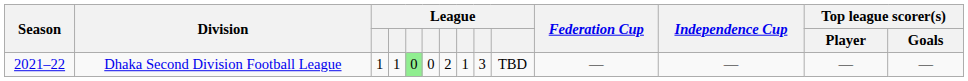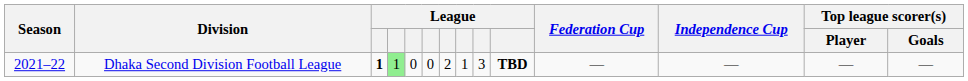 <table class="wikitable sortable" style="text-align: center; font-size: 95%; width: 1000px"">
 <tr>
 <th rowspan="2">Season</th>
 <th rowspan="2"><strong>Division</strong></th>
 <th colspan="8">League</th>
 <th rowspan="2"><em><a href='#'>Federation Cup</a></em></th>
 <th rowspan="2"><em><a href='#'>Independence Cup</a></th>
 <th colspan="2">Top league scorer(s)</th>
 </tr>
 <tr>
 <th></th>
 <th></th>
 <th></th>
 <th></th>
 <th></th>
 <th></th>
 <th></th>
 <th></th>
 <th>Player</th>
 <th>Goals</th>
 </tr>
 <tr>
 <td><a href='#'>2021–22</a></td>
 <td><a href='#'>Dhaka Second Division Football League</a></td>
-<td>1</td>
-<td>1</td>
-<td style="background: lightgreen;">0</td>
+<td><strong>1</strong></td>
+<td style="background: lightgreen;">1</td>
+<td>0</td>
 <td>0</td>
 <td>2</td>
 <td>1</td>
 <td>3</td>
-<td>TBD</td>
+<td><strong>TBD</strong></td>
 <td>—</td>
 <td>—</td>
 <td>—</td>
 <td>—</td>
 </tr>
 </table>
